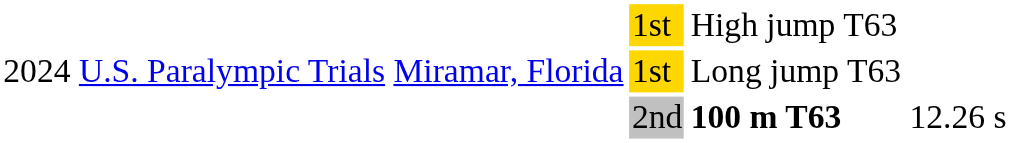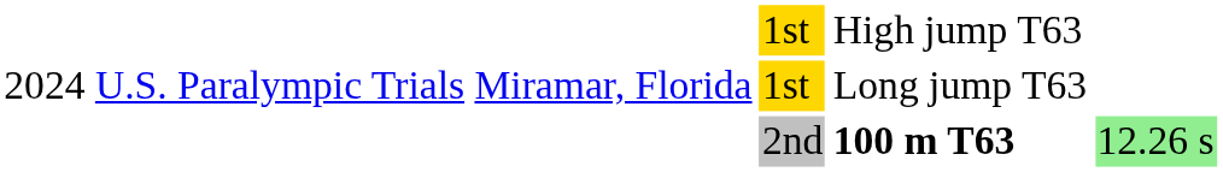 <table>
 <tr>
 <td rowspan=3>2024</td>
 <td rowspan=3><a href='#'>U.S. Paralympic Trials</a></td>
 <td rowspan=3><a href='#'>Miramar, Florida</a></td>
 <td bgcolor=gold>1st</td>
 <td>High jump T63</td>
 <td></td>
 <td></td>
 </tr>
 <tr>
 <td bgcolor=gold>1st</td>
 <td>Long jump T63</td>
 <td></td>
 <td></td>
 </tr>
 <tr>
 <td bgcolor=silver>2nd</td>
 <td><strong>100 m T63</strong></td>
-<td>12.26 s</td>
+<td style="background: lightgreen;">12.26 s</td>
 <td></td>
 </tr>
 <tr>
 </tr>
 </table>
